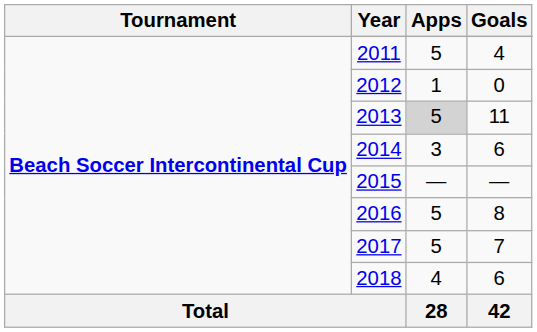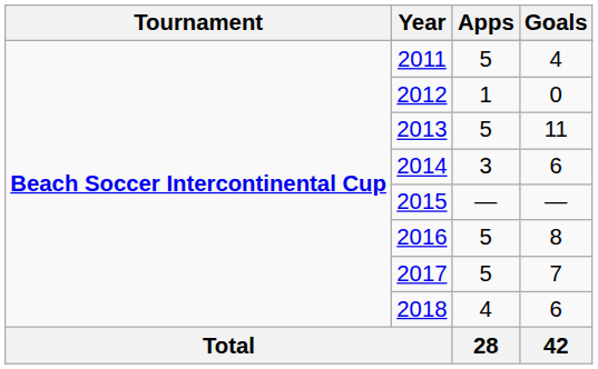 <table class="wikitable" style="text-align:center;">
 <tr>
 <th>Tournament</th>
 <th>Year</th>
 <th>Apps</th>
 <th>Goals</th>
 </tr>
 <tr>
 <td rowspan="9"><strong><a href='#'>Beach Soccer Intercontinental Cup</a></strong></td>
 </tr>
 <tr>
 <td><a href='#'>2011</a></td>
 <td>5</td>
 <td>4</td>
 </tr>
 <tr>
 <td><a href='#'>2012</a></td>
 <td>1</td>
 <td>0</td>
 </tr>
 <tr>
 <td><a href='#'>2013</a></td>
-<td style="background: lightgrey;">5</td>
+<td>5</td>
 <td>11</td>
 </tr>
 <tr>
 <td><a href='#'>2014</a></td>
 <td>3</td>
 <td>6</td>
 </tr>
 <tr>
 <td><a href='#'>2015</a></td>
 <td>—</td>
 <td>—</td>
 </tr>
 <tr>
 <td><a href='#'>2016</a></td>
 <td>5</td>
 <td>8</td>
 </tr>
 <tr>
 <td><a href='#'>2017</a></td>
 <td>5</td>
 <td>7</td>
 </tr>
 <tr>
 <td><a href='#'>2018</a></td>
 <td>4</td>
 <td>6</td>
 </tr>
 <tr>
 <th colspan=2>Total</th>
 <th>28</th>
 <th>42</th>
 </tr>
 </table>
